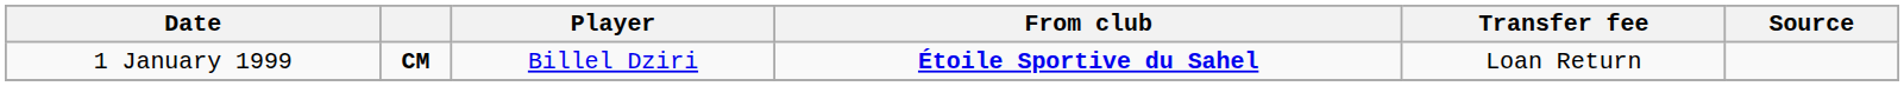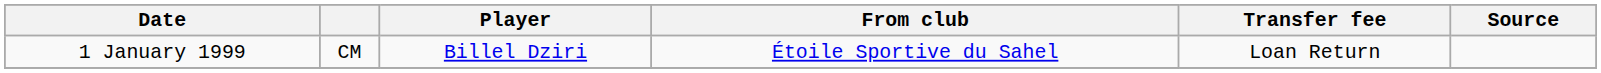 <table class="wikitable sortable" style="width:70%; text-align:center; font-size:85%; text-align:centre;">
 <tr>
 <th>Date</th>
 <th></th>
 <th>Player</th>
 <th>From club</th>
 <th>Transfer fee</th>
 <th>Source</th>
 </tr>
 <tr>
 <td>1 January 1999</td>
-<td><strong>CM</strong></td>
+<td>CM</td>
 <td> <a href='#'>Billel Dziri</a></td>
-<td><strong> <a href='#'>Étoile Sportive du Sahel</a></strong></td>
+<td> <a href='#'>Étoile Sportive du Sahel</a></td>
 <td>Loan Return</td>
 <td></td>
 </tr>
 <tr>
 </tr>
 </table>
